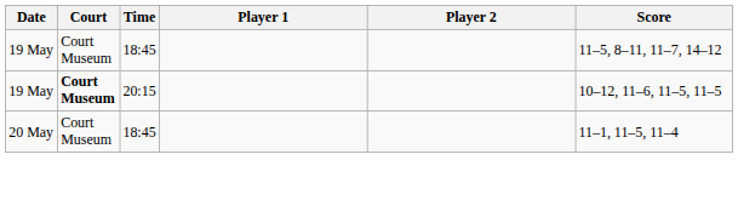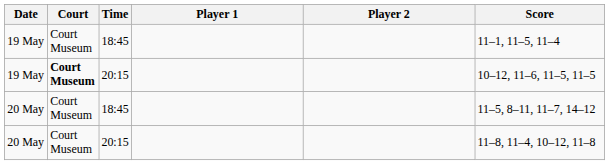 <table class="sortable wikitable" style="font-size:90%">
 <tr>
 <th width="45" class="unsortable">Date</th>
 <th width="55">Court</th>
 <th width="30">Time</th>
 <th width="200">Player 1</th>
 <th width="200">Player 2</th>
 <th width="150" class="unsortable">Score</th>
 </tr>
 <tr>
 <td>19 May</td>
 <td>Court Museum</td>
 <td>18:45</td>
 <td><strong></strong></td>
 <td></td>
-<td>11–5, 8–11, 11–7, 14–12</td>
+<td>11–1, 11–5, 11–4</td>
 </tr>
 <tr>
 <td>19 May</td>
 <td><strong>Court Museum</strong></td>
 <td>20:15</td>
 <td></td>
 <td><strong></strong></td>
 <td>10–12, 11–6, 11–5, 11–5</td>
 </tr>
 <tr>
 <td>20 May</td>
 <td>Court Museum</td>
 <td>18:45</td>
 <td></td>
 <td><strong></strong></td>
-<td>11–1, 11–5, 11–4</td>
+<td>11–5, 8–11, 11–7, 14–12</td>
+</tr>
+<tr>
+<td>20 May</td>
+<td>Court Museum</td>
+<td>20:15</td>
+<td></td>
+<td><strong></strong></td>
+<td>11–8, 11–4, 10–12, 11–8</td>
 </tr>
 </table>
